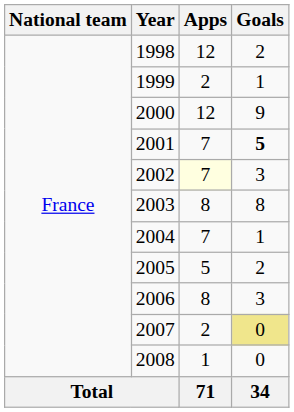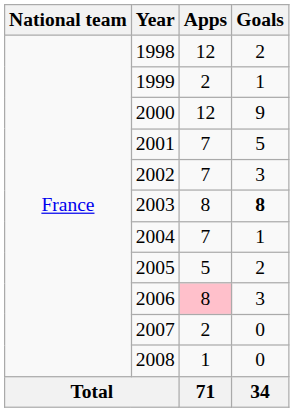 <table class="wikitable" style="text-align:center">
 <tr>
 <th>National team</th>
 <th>Year</th>
 <th>Apps</th>
 <th>Goals</th>
 </tr>
 <tr>
 <td rowspan="11"><a href='#'>France</a></td>
 <td>1998</td>
 <td>12</td>
 <td>2</td>
 </tr>
 <tr>
 <td>1999</td>
 <td>2</td>
 <td>1</td>
 </tr>
 <tr>
 <td>2000</td>
 <td>12</td>
 <td>9</td>
 </tr>
 <tr>
 <td>2001</td>
 <td>7</td>
-<td><strong>5</strong></td>
+<td>5</td>
 </tr>
 <tr>
 <td>2002</td>
-<td style="background: lightyellow;">7</td>
+<td>7</td>
 <td>3</td>
 </tr>
 <tr>
 <td>2003</td>
 <td>8</td>
-<td>8</td>
+<td><strong>8</strong></td>
 </tr>
 <tr>
 <td>2004</td>
 <td>7</td>
 <td>1</td>
 </tr>
 <tr>
 <td>2005</td>
 <td>5</td>
 <td>2</td>
 </tr>
 <tr>
 <td>2006</td>
-<td>8</td>
+<td style="background: pink;">8</td>
 <td>3</td>
 </tr>
 <tr>
 <td>2007</td>
 <td>2</td>
-<td style="background: khaki;">0</td>
+<td>0</td>
 </tr>
 <tr>
 <td>2008</td>
 <td>1</td>
 <td>0</td>
 </tr>
 <tr>
 <th colspan="2">Total</th>
 <th>71</th>
 <th>34</th>
 </tr>
 </table>
